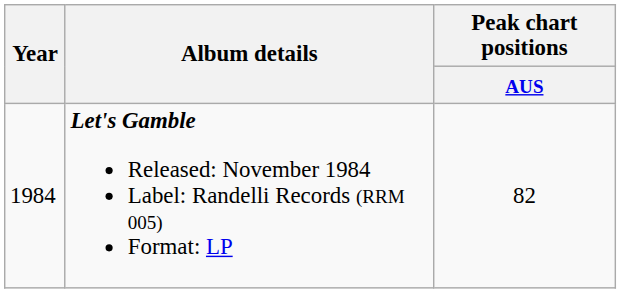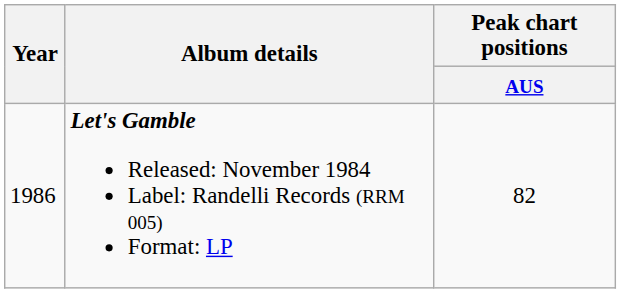 <table class="wikitable" border="1">
 <tr>
 <th rowspan="2" width="35px">Year</th>
 <th rowspan="2" width="250px">Album details</th>
 <th colspan="1" width="120px">Peak chart positions</th>
 </tr>
 <tr>
 <th width="30px"><small><a href='#'>AUS</a><br></small></th>
 </tr>
 <tr>
-<td>1984</td>
+<td>1986</td>
 <td><strong><em>Let's Gamble</em></strong><br><ul><li>Released: November 1984</li><li>Label:  Randelli Records <small>(RRM 005)</small></li><li>Format: <a href='#'>LP</a></li></ul></td>
 <td style="text-align:center;">82</td>
 </tr>
 </table>
